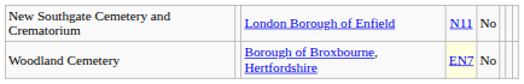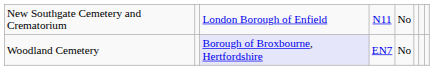 <table class="wikitable sortable" style="text-align:center;">
 <tr>
 <td style="text-align:left;">New Southgate Cemetery and Crematorium</td>
 <td></td>
 <td style="text-align:left;"><a href='#'>London Borough of Enfield</a></td>
 <td><a href='#'>N11</a></td>
 <td>No</td>
 <td style="text-align:left;"></td>
 <td></td>
 </tr>
 <tr>
 <td style="text-align:left;">Woodland Cemetery</td>
 <td></td>
-<td style="text-align:left;"><a href='#'>Borough of Broxbourne</a>, <a href='#'>Hertfordshire</a></td>
-<td style="background: lightyellow;"><a href='#'>EN7</a></td>
+<td style="background: lavender; text-align:left;"><a href='#'>Borough of Broxbourne</a>, <a href='#'>Hertfordshire</a></td>
+<td><a href='#'>EN7</a></td>
 <td>No</td>
 <td style="text-align:left;"></td>
 <td></td>
 <td></td>
 </tr>
 </table>
